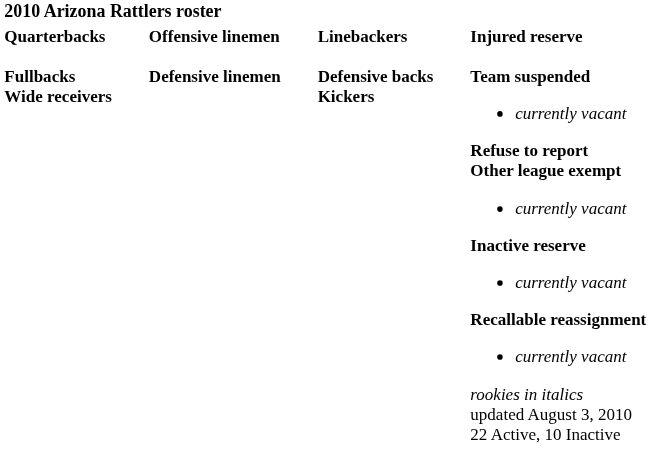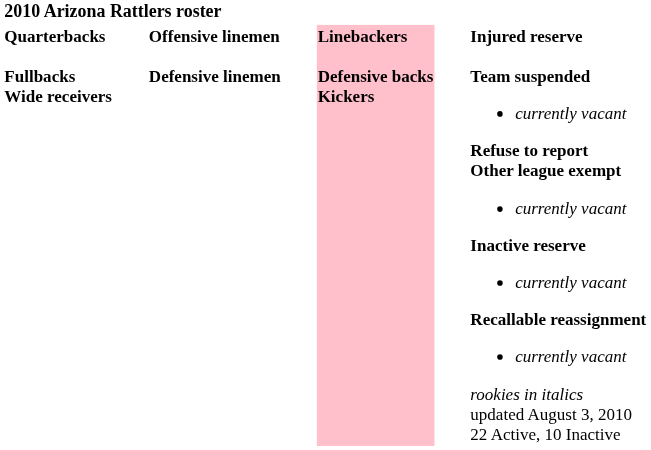 <table class="toccolours" style="text-align: left;">
 <tr>
 <th colspan=7><strong>2010 Arizona Rattlers roster</strong></th>
 </tr>
 <tr>
 <td style="font-size: 95%;" valign="top"><strong>Quarterbacks</strong><br> <br><strong>Fullbacks</strong> <br><strong>Wide receivers</strong>    </td>
 <td style="width: 25px;"></td>
 <td style="font-size: 95%;" valign="top"><strong>Offensive linemen</strong><br>   <br><strong>Defensive linemen</strong>    </td>
 <td style="width: 25px;"></td>
-<td style="font-size: 95%;" valign="top"><strong>Linebackers</strong><br> <br><strong>Defensive backs</strong>    <br><strong>Kickers</strong> </td>
+<td style="background: pink; font-size: 95%;" valign="top"><strong>Linebackers</strong><br> <br><strong>Defensive backs</strong>    <br><strong>Kickers</strong> </td>
 <td style="width: 25px;"></td>
 <td style="font-size: 95%;" valign="top"><strong>Injured reserve</strong><br>    <br><strong>Team suspended</strong><ul><li><em>currently vacant</em></li></ul><strong>Refuse to report</strong>    <br><strong>Other league exempt</strong><ul><li><em>currently vacant</em></li></ul><strong>Inactive reserve</strong><ul><li><em>currently vacant</em></li></ul><strong>Recallable reassignment</strong><ul><li><em>currently vacant</em></li></ul> <em>rookies in italics</em><br> <span></span> updated August 3, 2010<br> 22 Active, 10 Inactive </td>
 </tr>
 <tr>
 </tr>
 </table>
